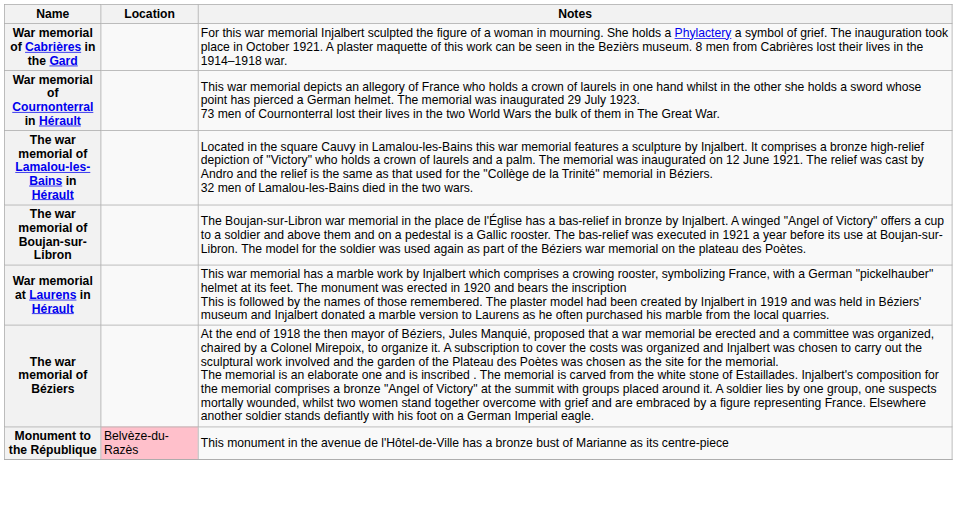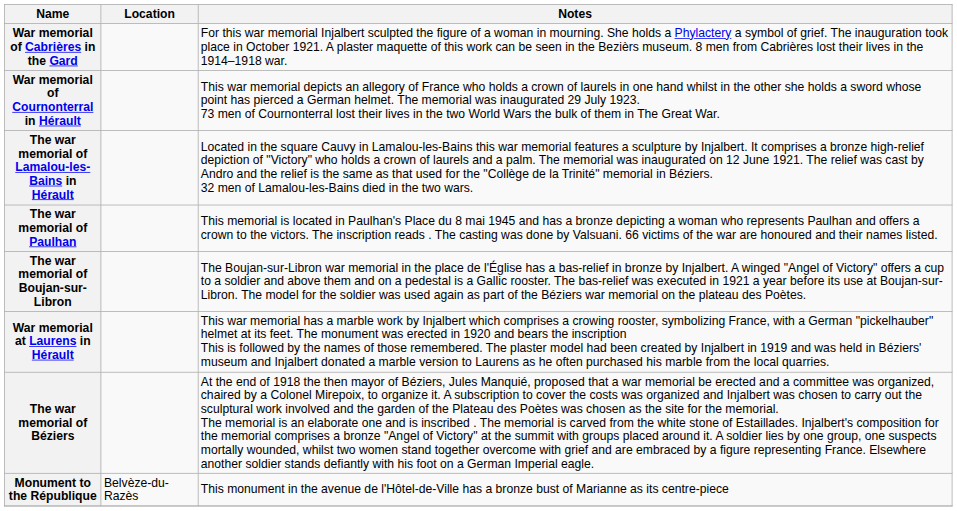 <table class="wikitable sortable plainrowheaders">
 <tr>
 <th scope="col" style="width:120px">Name</th>
 <th scope="col" style="width:120px">Location</th>
 <th scope="col" class="unsortable">Notes</th>
 </tr>
 <tr>
 <th scope="row">War memorial of <a href='#'>Cabrières</a> in the <a href='#'>Gard</a></th>
 <td><br></td>
 <td>For this war memorial Injalbert sculpted the figure of a woman in mourning.  She holds a <a href='#'>Phylactery</a> a symbol of grief. The inauguration took place in October 1921. A plaster maquette of this work can be seen in the Bezièrs museum. 8 men from Cabrières lost their lives in the 1914–1918 war.<br></td>
 </tr>
 <tr>
 <th scope="row">War memorial of <a href='#'>Cournonterral</a> in <a href='#'>Hérault</a></th>
 <td><br></td>
 <td>This war memorial depicts an allegory of France who holds a crown of laurels in one hand whilst in the other she holds a sword whose point has pierced a German helmet.  The memorial was inaugurated 29 July 1923.<br> 73 men of Cournonterral lost their lives in the two World Wars the bulk of them in The Great War.</td>
 </tr>
 <tr>
 <th scope="row">The war memorial of <a href='#'>Lamalou-les-Bains</a> in <a href='#'>Hérault</a></th>
 <td><br></td>
 <td>Located in the square Cauvy in Lamalou-les-Bains this war memorial features a sculpture by Injalbert.  It comprises a bronze high-relief depiction of "Victory" who holds a crown of laurels and a palm.  The memorial was inaugurated on 12 June 1921. The relief was cast by Andro and the relief is the same as that used for the "Collège de la Trinité" memorial in Béziers.<br> 32 men of Lamalou-les-Bains died in the two wars.</td>
 </tr>
 <tr>
+<th scope="row">The war memorial of <a href='#'>Paulhan</a></th>
+<td><br></td>
+<td>This memorial is located in Paulhan's Place du 8 mai 1945 and has a bronze depicting a woman who represents Paulhan and offers a crown to the victors.  The inscription reads . The casting was done by Valsuani.  66 victims of the war are honoured and their names listed.<br></td>
+</tr>
+<tr>
 <th scope="row">The war memorial of Boujan-sur-Libron</th>
 <td><br></td>
 <td>The Boujan-sur-Libron war memorial in the place de l'Église has a bas-relief in bronze by Injalbert.  A winged "Angel of Victory" offers a cup to a soldier and above them and on a pedestal is a Gallic rooster. The bas-relief was executed in 1921 a year before its use at Boujan-sur-Libron. The model for the soldier was used again as part of the Béziers war memorial on the plateau des Poètes.<br> </td>
 </tr>
 <tr>
 <th scope="row">War memorial at <a href='#'>Laurens</a> in <a href='#'>Hérault</a></th>
 <td><br></td>
 <td>This war memorial has a marble work by Injalbert which comprises a crowing rooster, symbolizing France, with a German "pickelhauber" helmet at its feet.  The monument was erected in 1920 and bears the inscription <br>This is followed by the names of those remembered. The plaster model had been created by Injalbert in 1919 and was held in Béziers' museum and Injalbert donated a marble version to Laurens as he often purchased his marble from the local quarries.</td>
 </tr>
 <tr>
 <th scope="row">The war memorial of Béziers</th>
 <td><br></td>
 <td>At the end of 1918 the then mayor of Béziers, Jules Manquié, proposed that a war memorial be erected and a committee was organized, chaired by a Colonel Mirepoix, to organize it. A subscription to cover the costs was organized and Injalbert was chosen to carry out the sculptural work involved and the garden of the Plateau des Poètes was chosen as the site for the memorial.<br>The memorial is an elaborate one and is inscribed . The memorial is carved from the white stone of Estaillades. Injalbert's composition for the memorial comprises a bronze "Angel of Victory" at the summit with groups placed around it.  A soldier lies by one group, one suspects mortally wounded, whilst two women stand together overcome with grief and are embraced by a figure representing France. Elsewhere another soldier stands defiantly with his foot on a German Imperial eagle.  </td>
 </tr>
 <tr>
 <th scope="row">Monument to the République</th>
-<td style="background: pink;">Belvèze-du-Razès<br></td>
+<td>Belvèze-du-Razès<br></td>
 <td>This monument in the avenue de l'Hôtel-de-Ville has a bronze bust of Marianne as its centre-piece<br></td>
 </tr>
 <tr>
 </tr>
 </table>
